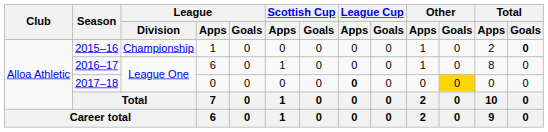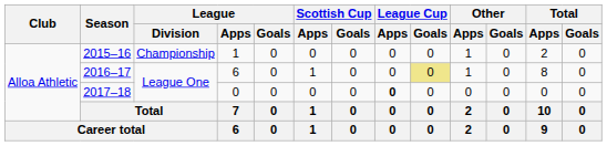 <table class="wikitable" style="text-align:center">
 <tr>
 <th rowspan="2">Club</th>
 <th rowspan="2">Season</th>
 <th colspan="3">League</th>
 <th colspan="2"><a href='#'>Scottish Cup</a></th>
 <th colspan="2"><a href='#'>League Cup</a></th>
 <th colspan="2">Other</th>
 <th colspan="2">Total</th>
 </tr>
 <tr>
 <th>Division</th>
 <th>Apps</th>
 <th>Goals</th>
 <th>Apps</th>
 <th>Goals</th>
 <th>Apps</th>
 <th>Goals</th>
 <th>Apps</th>
 <th>Goals</th>
 <th>Apps</th>
 <th>Goals</th>
 </tr>
 <tr>
 <td rowspan="4"><a href='#'>Alloa Athletic</a></td>
 <td><a href='#'>2015–16</a></td>
 <td><a href='#'>Championship</a></td>
 <td>1</td>
 <td>0</td>
 <td>0</td>
 <td>0</td>
 <td>0</td>
 <td>0</td>
 <td>1</td>
 <td>0</td>
 <td>2</td>
-<td><strong>0</strong></td>
+<td>0</td>
 </tr>
 <tr>
 <td><a href='#'>2016–17</a></td>
 <td rowspan="2"><a href='#'>League One</a></td>
 <td>6</td>
 <td>0</td>
 <td>1</td>
 <td>0</td>
 <td>0</td>
-<td>0</td>
+<td style="background: khaki;">0</td>
 <td>1</td>
 <td>0</td>
 <td>8</td>
 <td>0</td>
 </tr>
 <tr>
 <td><a href='#'>2017–18</a></td>
 <td>0</td>
 <td>0</td>
 <td>0</td>
 <td>0</td>
 <td><strong>0</strong></td>
 <td>0</td>
 <td>0</td>
-<td style="background: gold;">0</td>
+<td>0</td>
 <td>0</td>
 <td>0</td>
 </tr>
 <tr>
 <th colspan="2">Total</th>
 <th>7</th>
 <th>0</th>
 <th>1</th>
 <th>0</th>
 <th>0</th>
 <th>0</th>
 <th>2</th>
 <th>0</th>
 <th>10</th>
 <th>0</th>
 </tr>
 <tr>
 <th colspan="3">Career total</th>
 <th>6</th>
 <th>0</th>
 <th>1</th>
 <th>0</th>
 <th>0</th>
 <th>0</th>
 <th>2</th>
 <th>0</th>
 <th>9</th>
 <th>0</th>
 </tr>
 </table>
